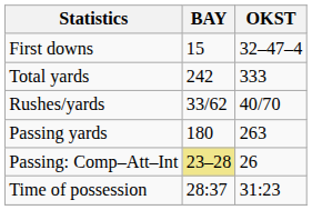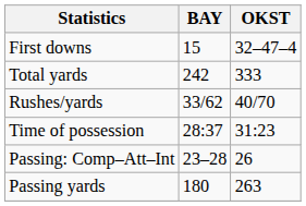 <table class="wikitable" style="float: left;">
 <tr>
 <th>Statistics</th>
 <th>BAY</th>
 <th>OKST</th>
 </tr>
 <tr>
 <td>First downs</td>
 <td>15</td>
 <td>32–47–4</td>
 </tr>
 <tr>
 <td>Total yards</td>
 <td>242</td>
 <td>333</td>
 </tr>
 <tr>
 <td>Rushes/yards</td>
 <td>33/62</td>
 <td>40/70</td>
 </tr>
 <tr>
+<td>Time of possession</td>
+<td>28:37</td>
+<td>31:23</td>
+</tr>
+<tr>
+<td>Passing: Comp–Att–Int</td>
+<td>23–28</td>
+<td>26</td>
+</tr>
+<tr>
 <td>Passing yards</td>
 <td>180</td>
 <td>263</td>
 </tr>
 <tr>
-<td>Passing: Comp–Att–Int</td>
-<td style="background: khaki;">23–28</td>
-<td>26</td>
-</tr>
-<tr>
-<td>Time of possession</td>
-<td>28:37</td>
-<td>31:23</td>
-</tr>
-<tr>
 </tr>
 </table>
